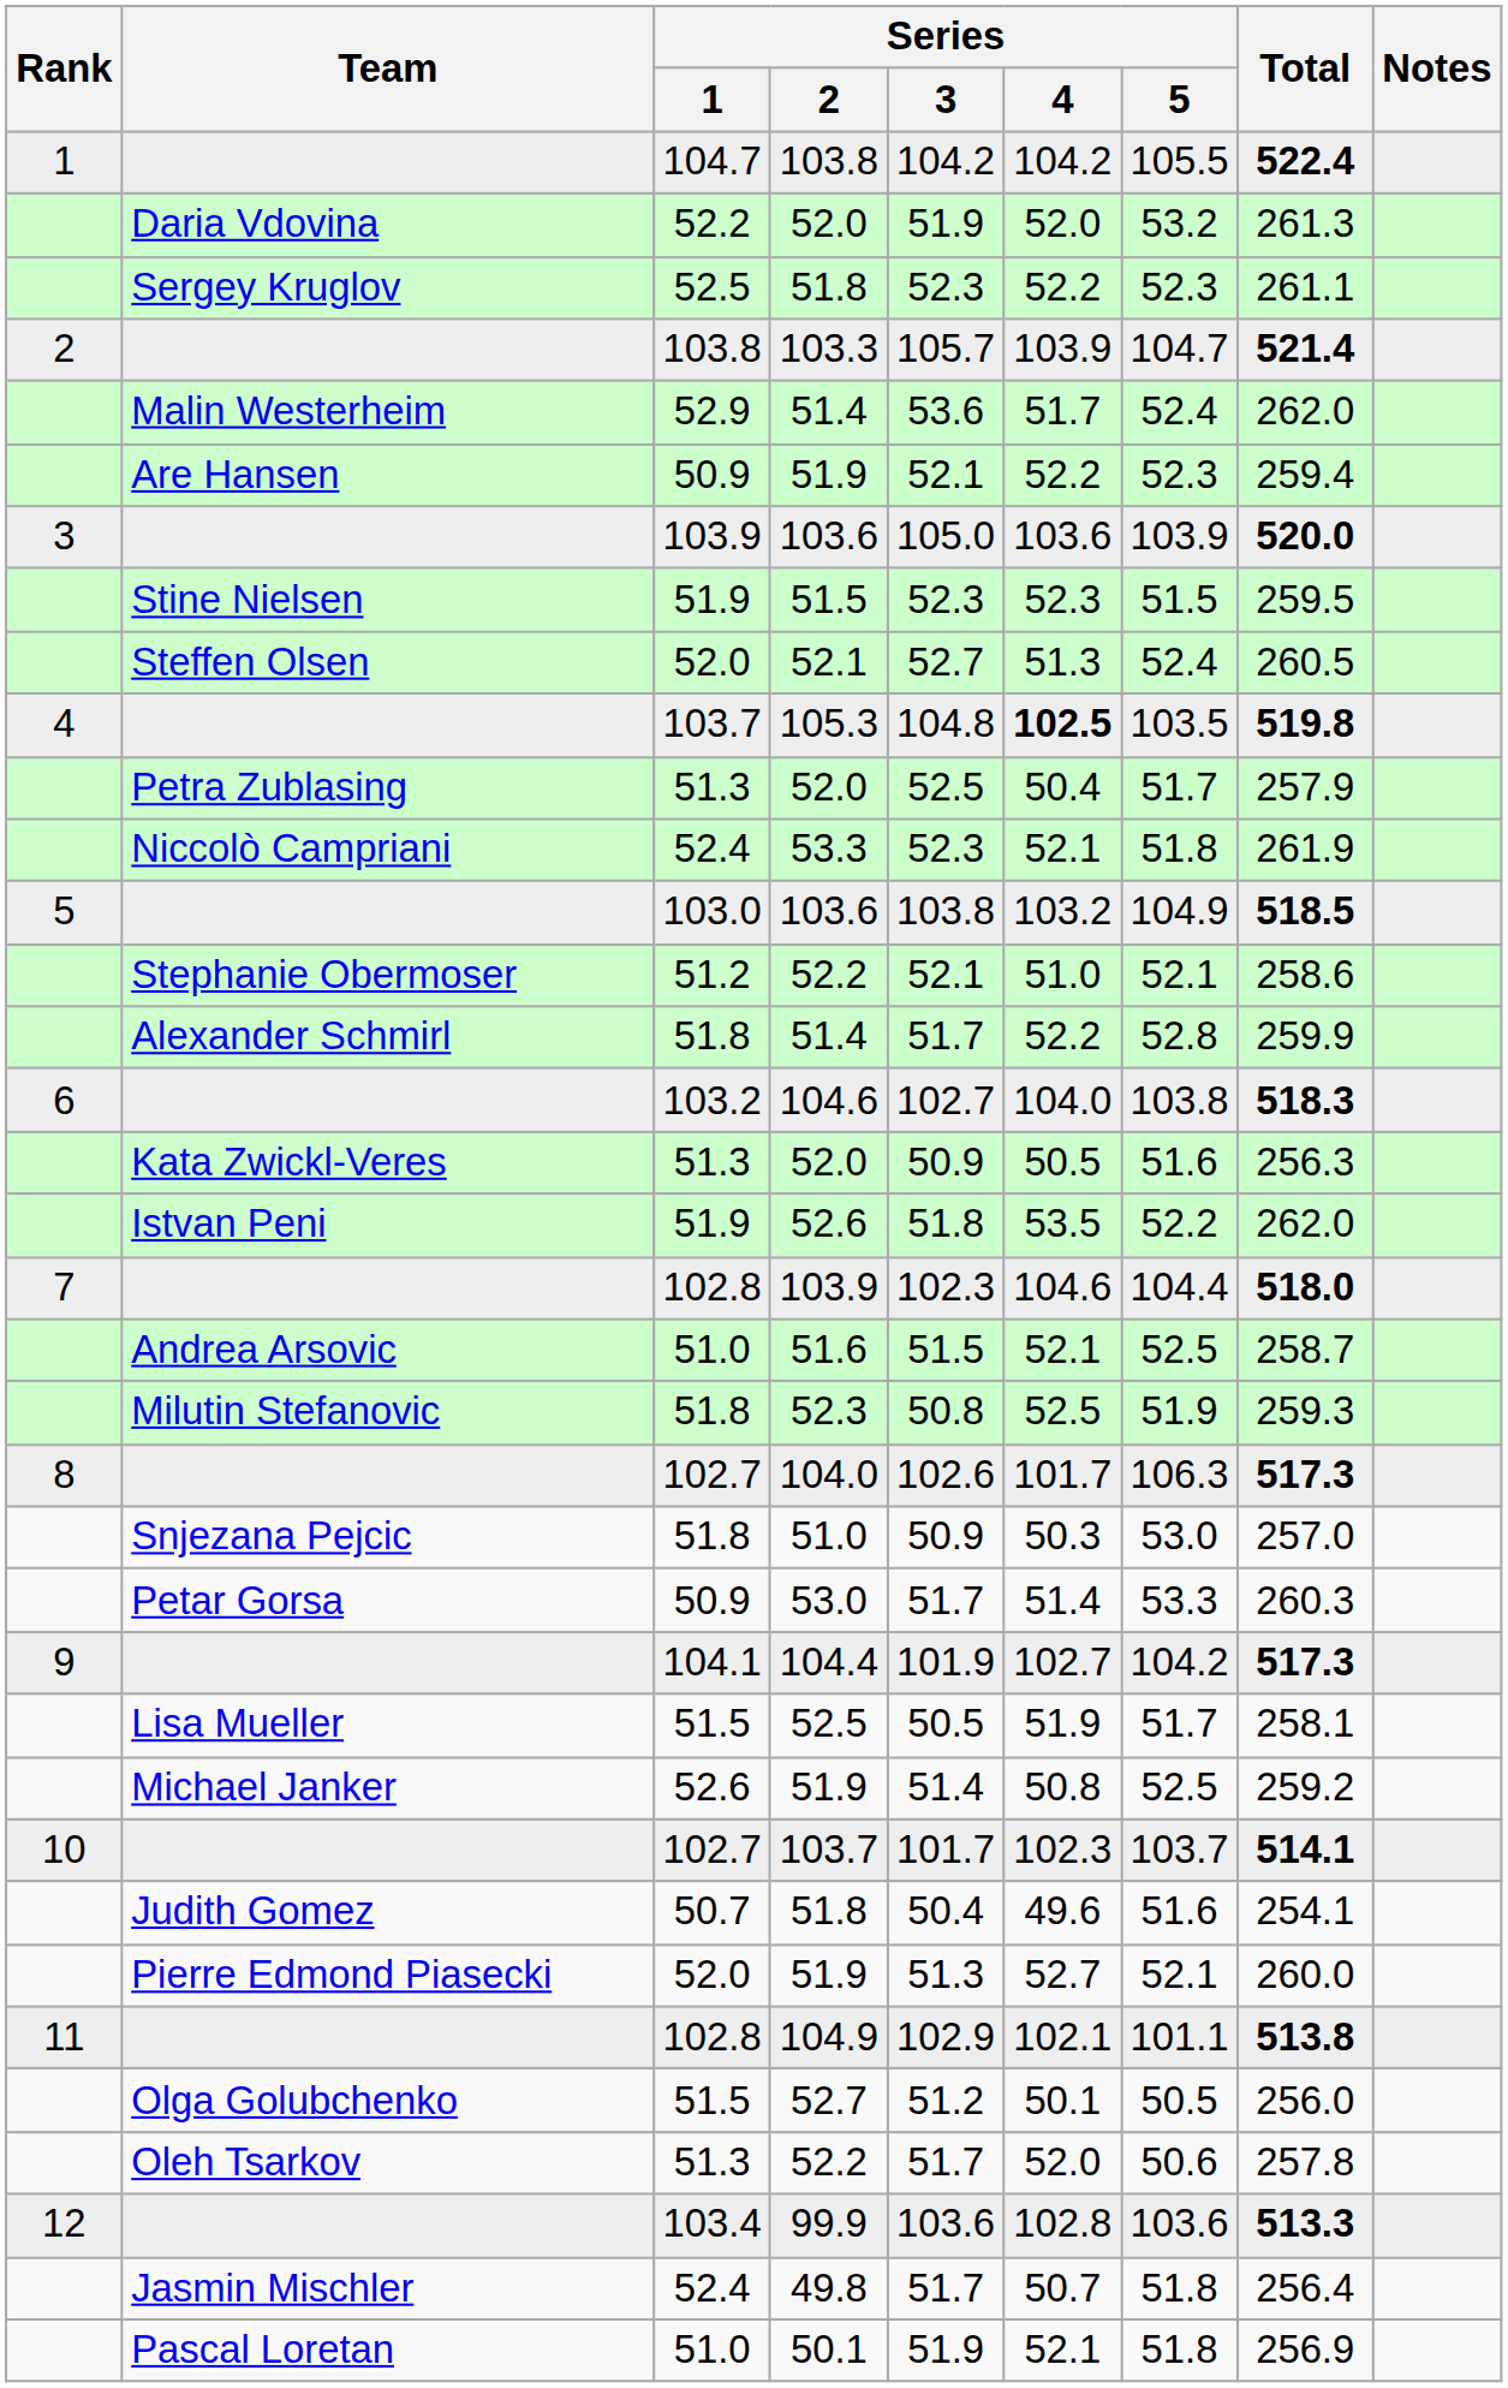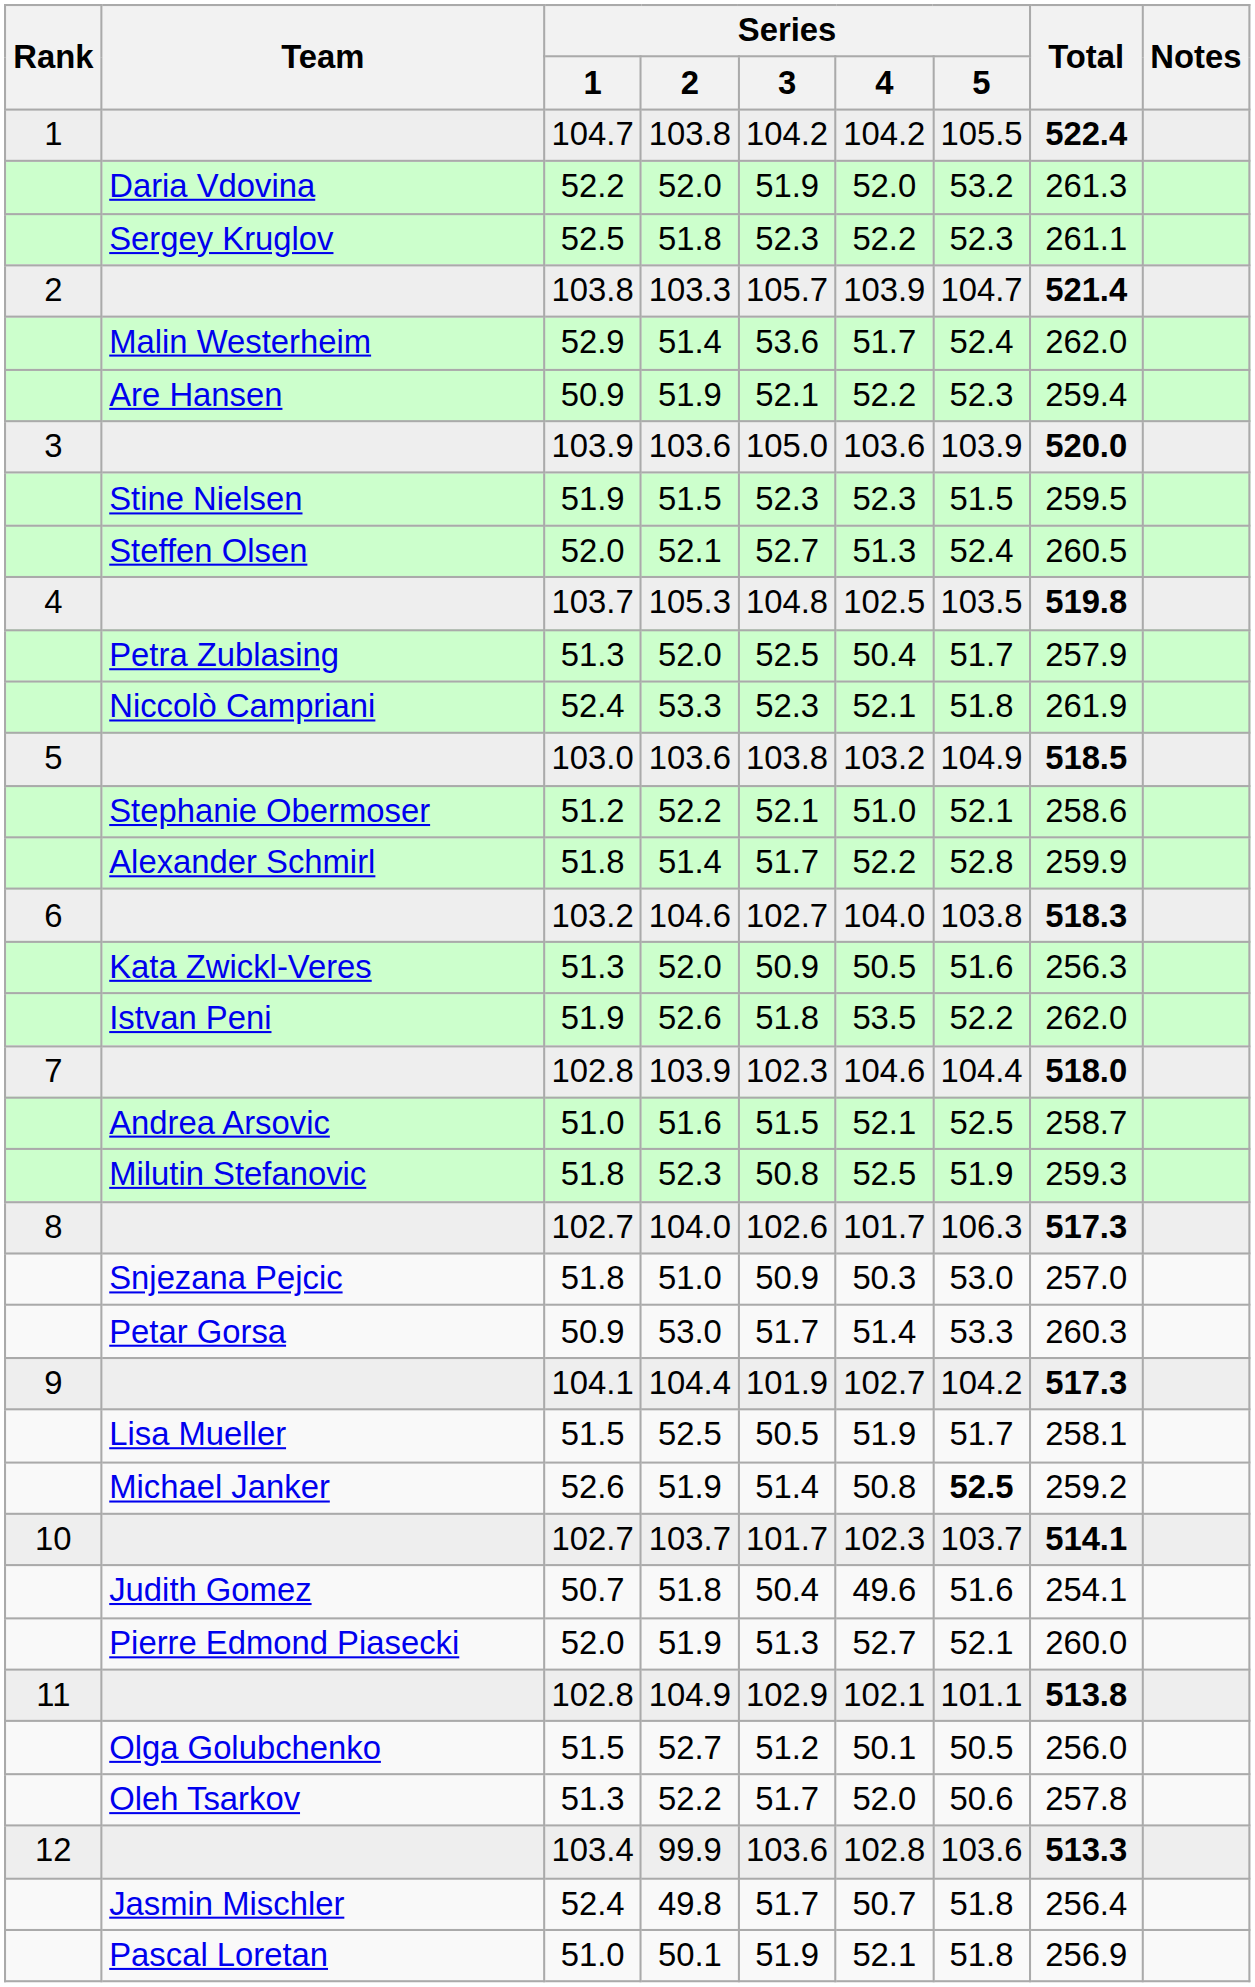 <table class="wikitable" style="text-align:center">
 <tr>
 <th rowspan=2 width=40>Rank</th>
 <th rowspan=2 width=250>Team</th>
 <th colspan=5>Series</th>
 <th rowspan=2 width=50>Total</th>
 <th rowspan=2 width=45>Notes</th>
 </tr>
 <tr>
 <th width=30>1</th>
 <th width=30>2</th>
 <th width=30>3</th>
 <th width=30>4</th>
 <th width=30>5</th>
 </tr>
 <tr bgcolor=eeeeee>
 <td>1</td>
 <td align=left></td>
 <td>104.7</td>
 <td>103.8</td>
 <td>104.2</td>
 <td>104.2</td>
 <td>105.5</td>
 <td><strong>522.4</strong></td>
 <td></td>
 </tr>
 <tr bgcolor=ccffcc>
 <td></td>
 <td align=left><a href='#'>Daria Vdovina</a></td>
 <td>52.2</td>
 <td>52.0</td>
 <td>51.9</td>
 <td>52.0</td>
 <td>53.2</td>
 <td>261.3</td>
 <td></td>
 </tr>
 <tr bgcolor=ccffcc>
 <td></td>
 <td align=left><a href='#'>Sergey Kruglov</a></td>
 <td>52.5</td>
 <td>51.8</td>
 <td>52.3</td>
 <td>52.2</td>
 <td>52.3</td>
 <td>261.1</td>
 <td></td>
 </tr>
 <tr bgcolor=eeeeee>
 <td>2</td>
 <td align=left></td>
 <td>103.8</td>
 <td>103.3</td>
 <td>105.7</td>
 <td>103.9</td>
 <td>104.7</td>
 <td><strong>521.4</strong></td>
 <td></td>
 </tr>
 <tr bgcolor=ccffcc>
 <td></td>
 <td align=left><a href='#'>Malin Westerheim</a></td>
 <td>52.9</td>
 <td>51.4</td>
 <td>53.6</td>
 <td>51.7</td>
 <td>52.4</td>
 <td>262.0</td>
 <td></td>
 </tr>
 <tr bgcolor=ccffcc>
 <td></td>
 <td align=left><a href='#'>Are Hansen</a></td>
 <td>50.9</td>
 <td>51.9</td>
 <td>52.1</td>
 <td>52.2</td>
 <td>52.3</td>
 <td>259.4</td>
 <td></td>
 </tr>
 <tr bgcolor=eeeeee>
 <td>3</td>
 <td align=left></td>
 <td>103.9</td>
 <td>103.6</td>
 <td>105.0</td>
 <td>103.6</td>
 <td>103.9</td>
 <td><strong>520.0</strong></td>
 <td></td>
 </tr>
 <tr bgcolor=ccffcc>
 <td></td>
 <td align=left><a href='#'>Stine Nielsen</a></td>
 <td>51.9</td>
 <td>51.5</td>
 <td>52.3</td>
 <td>52.3</td>
 <td>51.5</td>
 <td>259.5</td>
 <td></td>
 </tr>
 <tr bgcolor=ccffcc>
 <td></td>
 <td align=left><a href='#'>Steffen Olsen</a></td>
 <td>52.0</td>
 <td>52.1</td>
 <td>52.7</td>
 <td>51.3</td>
 <td>52.4</td>
 <td>260.5</td>
 <td></td>
 </tr>
 <tr bgcolor=eeeeee>
 <td>4</td>
 <td align=left></td>
 <td>103.7</td>
 <td>105.3</td>
 <td>104.8</td>
-<td><strong>102.5</strong></td>
+<td>102.5</td>
 <td>103.5</td>
 <td><strong>519.8</strong></td>
 <td></td>
 </tr>
 <tr bgcolor=ccffcc>
 <td></td>
 <td align=left><a href='#'>Petra Zublasing</a></td>
 <td>51.3</td>
 <td>52.0</td>
 <td>52.5</td>
 <td>50.4</td>
 <td>51.7</td>
 <td>257.9</td>
 <td></td>
 </tr>
 <tr bgcolor=ccffcc>
 <td></td>
 <td align=left><a href='#'>Niccolò Campriani</a></td>
 <td>52.4</td>
 <td>53.3</td>
 <td>52.3</td>
 <td>52.1</td>
 <td>51.8</td>
 <td>261.9</td>
 <td></td>
 </tr>
 <tr bgcolor=eeeeee>
 <td>5</td>
 <td align=left></td>
 <td>103.0</td>
 <td>103.6</td>
 <td>103.8</td>
 <td>103.2</td>
 <td>104.9</td>
 <td><strong>518.5</strong></td>
 <td></td>
 </tr>
 <tr bgcolor=ccffcc>
 <td></td>
 <td align=left><a href='#'>Stephanie Obermoser</a></td>
 <td>51.2</td>
 <td>52.2</td>
 <td>52.1</td>
 <td>51.0</td>
 <td>52.1</td>
 <td>258.6</td>
 <td></td>
 </tr>
 <tr bgcolor=ccffcc>
 <td></td>
 <td align=left><a href='#'>Alexander Schmirl</a></td>
 <td>51.8</td>
 <td>51.4</td>
 <td>51.7</td>
 <td>52.2</td>
 <td>52.8</td>
 <td>259.9</td>
 <td></td>
 </tr>
 <tr bgcolor=eeeeee>
 <td>6</td>
 <td align=left></td>
 <td>103.2</td>
 <td>104.6</td>
 <td>102.7</td>
 <td>104.0</td>
 <td>103.8</td>
 <td><strong>518.3</strong></td>
 <td></td>
 </tr>
 <tr bgcolor=ccffcc>
 <td></td>
 <td align=left><a href='#'>Kata Zwickl-Veres</a></td>
 <td>51.3</td>
 <td>52.0</td>
 <td>50.9</td>
 <td>50.5</td>
 <td>51.6</td>
 <td>256.3</td>
 <td></td>
 </tr>
 <tr bgcolor=ccffcc>
 <td></td>
 <td align=left><a href='#'>Istvan Peni</a></td>
 <td>51.9</td>
 <td>52.6</td>
 <td>51.8</td>
 <td>53.5</td>
 <td>52.2</td>
 <td>262.0</td>
 <td></td>
 </tr>
 <tr bgcolor=eeeeee>
 <td>7</td>
 <td align=left></td>
 <td>102.8</td>
 <td>103.9</td>
 <td>102.3</td>
 <td>104.6</td>
 <td>104.4</td>
 <td><strong>518.0</strong></td>
 <td></td>
 </tr>
 <tr bgcolor=ccffcc>
 <td></td>
 <td align=left><a href='#'>Andrea Arsovic</a></td>
 <td>51.0</td>
 <td>51.6</td>
 <td>51.5</td>
 <td>52.1</td>
 <td>52.5</td>
 <td>258.7</td>
 <td></td>
 </tr>
 <tr bgcolor=ccffcc>
 <td></td>
 <td align=left><a href='#'>Milutin Stefanovic</a></td>
 <td>51.8</td>
 <td>52.3</td>
 <td>50.8</td>
 <td>52.5</td>
 <td>51.9</td>
 <td>259.3</td>
 <td></td>
 </tr>
 <tr bgcolor=eeeeee>
 <td>8</td>
 <td align=left></td>
 <td>102.7</td>
 <td>104.0</td>
 <td>102.6</td>
 <td>101.7</td>
 <td>106.3</td>
 <td><strong>517.3</strong></td>
 <td></td>
 </tr>
 <tr>
 <td></td>
 <td align=left><a href='#'>Snjezana Pejcic</a></td>
 <td>51.8</td>
 <td>51.0</td>
 <td>50.9</td>
 <td>50.3</td>
 <td>53.0</td>
 <td>257.0</td>
 <td></td>
 </tr>
 <tr>
 <td></td>
 <td align=left><a href='#'>Petar Gorsa</a></td>
 <td>50.9</td>
 <td>53.0</td>
 <td>51.7</td>
 <td>51.4</td>
 <td>53.3</td>
 <td>260.3</td>
 <td></td>
 </tr>
 <tr bgcolor=eeeeee>
 <td>9</td>
 <td align=left></td>
 <td>104.1</td>
 <td>104.4</td>
 <td>101.9</td>
 <td>102.7</td>
 <td>104.2</td>
 <td><strong>517.3</strong></td>
 <td></td>
 </tr>
 <tr>
 <td></td>
 <td align=left><a href='#'>Lisa Mueller</a></td>
 <td>51.5</td>
 <td>52.5</td>
 <td>50.5</td>
 <td>51.9</td>
 <td>51.7</td>
 <td>258.1</td>
 <td></td>
 </tr>
 <tr>
 <td></td>
 <td align=left><a href='#'>Michael Janker</a></td>
 <td>52.6</td>
 <td>51.9</td>
 <td>51.4</td>
 <td>50.8</td>
-<td>52.5</td>
+<td><strong>52.5</strong></td>
 <td>259.2</td>
 <td></td>
 </tr>
 <tr bgcolor=eeeeee>
 <td>10</td>
 <td align=left></td>
 <td>102.7</td>
 <td>103.7</td>
 <td>101.7</td>
 <td>102.3</td>
 <td>103.7</td>
 <td><strong>514.1</strong></td>
 <td></td>
 </tr>
 <tr>
 <td></td>
 <td align=left><a href='#'>Judith Gomez</a></td>
 <td>50.7</td>
 <td>51.8</td>
 <td>50.4</td>
 <td>49.6</td>
 <td>51.6</td>
 <td>254.1</td>
 <td></td>
 </tr>
 <tr>
 <td></td>
 <td align=left><a href='#'>Pierre Edmond Piasecki</a></td>
 <td>52.0</td>
 <td>51.9</td>
 <td>51.3</td>
 <td>52.7</td>
 <td>52.1</td>
 <td>260.0</td>
 <td></td>
 </tr>
 <tr bgcolor=eeeeee>
 <td>11</td>
 <td align=left></td>
 <td>102.8</td>
 <td>104.9</td>
 <td>102.9</td>
 <td>102.1</td>
 <td>101.1</td>
 <td><strong>513.8</strong></td>
 <td></td>
 </tr>
 <tr>
 <td></td>
 <td align=left><a href='#'>Olga Golubchenko</a></td>
 <td>51.5</td>
 <td>52.7</td>
 <td>51.2</td>
 <td>50.1</td>
 <td>50.5</td>
 <td>256.0</td>
 <td></td>
 </tr>
 <tr>
 <td></td>
 <td align=left><a href='#'>Oleh Tsarkov</a></td>
 <td>51.3</td>
 <td>52.2</td>
 <td>51.7</td>
 <td>52.0</td>
 <td>50.6</td>
 <td>257.8</td>
 <td></td>
 </tr>
 <tr bgcolor=eeeeee>
 <td>12</td>
 <td align=left></td>
 <td>103.4</td>
 <td>99.9</td>
 <td>103.6</td>
 <td>102.8</td>
 <td>103.6</td>
 <td><strong>513.3</strong></td>
 <td></td>
 </tr>
 <tr>
 <td></td>
 <td align=left><a href='#'>Jasmin Mischler</a></td>
 <td>52.4</td>
 <td>49.8</td>
 <td>51.7</td>
 <td>50.7</td>
 <td>51.8</td>
 <td>256.4</td>
 <td></td>
 </tr>
 <tr>
 <td></td>
 <td align=left><a href='#'>Pascal Loretan</a></td>
 <td>51.0</td>
 <td>50.1</td>
 <td>51.9</td>
 <td>52.1</td>
 <td>51.8</td>
 <td>256.9</td>
 <td></td>
 </tr>
 </table>
